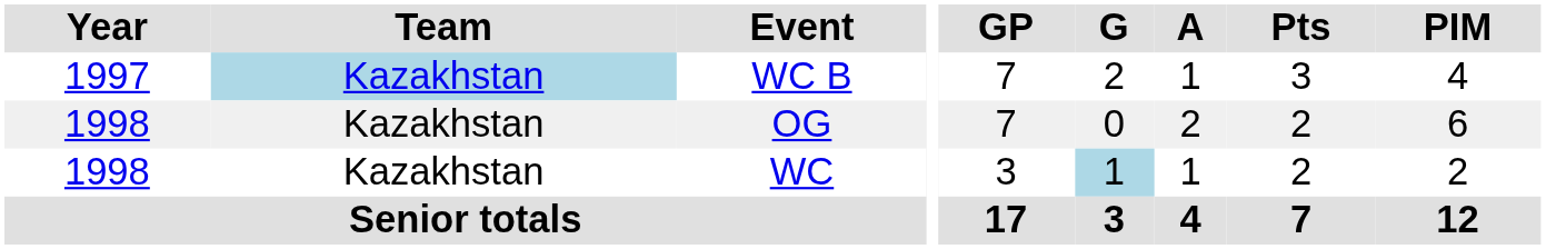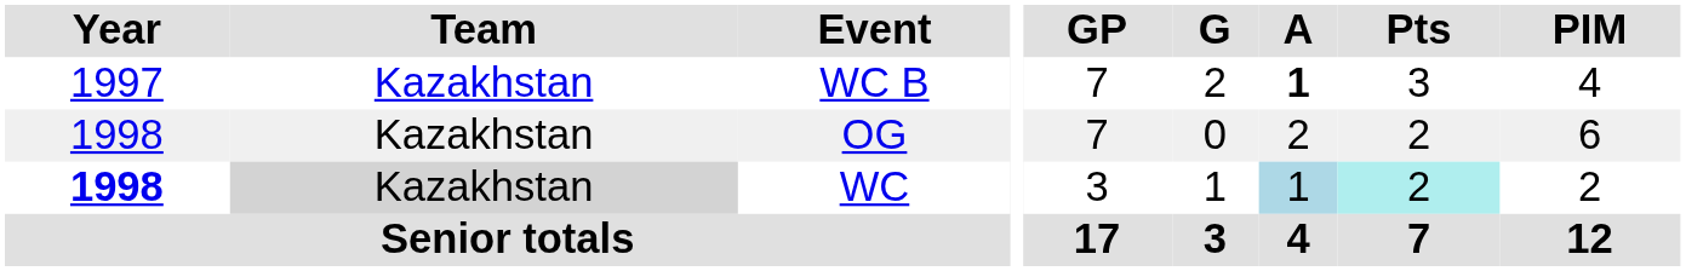 <table border="0" cellpadding="1" cellspacing="0" style="text-align:center; width:40em">
 <tr bgcolor="#e0e0e0">
 <th>Year</th>
 <th>Team</th>
 <th>Event</th>
 <th rowspan="99" bgcolor="#ffffff"></th>
 <th>GP</th>
 <th>G</th>
 <th>A</th>
 <th>Pts</th>
 <th>PIM</th>
 </tr>
 <tr>
 <td><a href='#'>1997</a></td>
-<td style="background: lightblue;"><a href='#'>Kazakhstan</a></td>
+<td><a href='#'>Kazakhstan</a></td>
 <td><a href='#'>WC B</a></td>
 <td>7</td>
 <td>2</td>
-<td>1</td>
+<td><strong>1</strong></td>
 <td>3</td>
 <td>4</td>
 </tr>
 <tr bgcolor="#f0f0f0">
 <td><a href='#'>1998</a></td>
 <td>Kazakhstan</td>
 <td><a href='#'>OG</a></td>
 <td>7</td>
 <td>0</td>
 <td>2</td>
 <td>2</td>
 <td>6</td>
 </tr>
 <tr>
-<td><a href='#'>1998</a></td>
-<td>Kazakhstan</td>
+<td><strong><a href='#'>1998</a></strong></td>
+<td style="background: lightgrey;">Kazakhstan</td>
 <td><a href='#'>WC</a></td>
 <td>3</td>
+<td>1</td>
 <td style="background: lightblue;">1</td>
-<td>1</td>
-<td>2</td>
+<td style="background: paleturquoise;">2</td>
 <td>2</td>
 </tr>
 <tr bgcolor="#e0e0e0">
 <th colspan="3">Senior totals</th>
 <th>17</th>
 <th>3</th>
 <th>4</th>
 <th>7</th>
 <th>12</th>
 </tr>
 </table>
